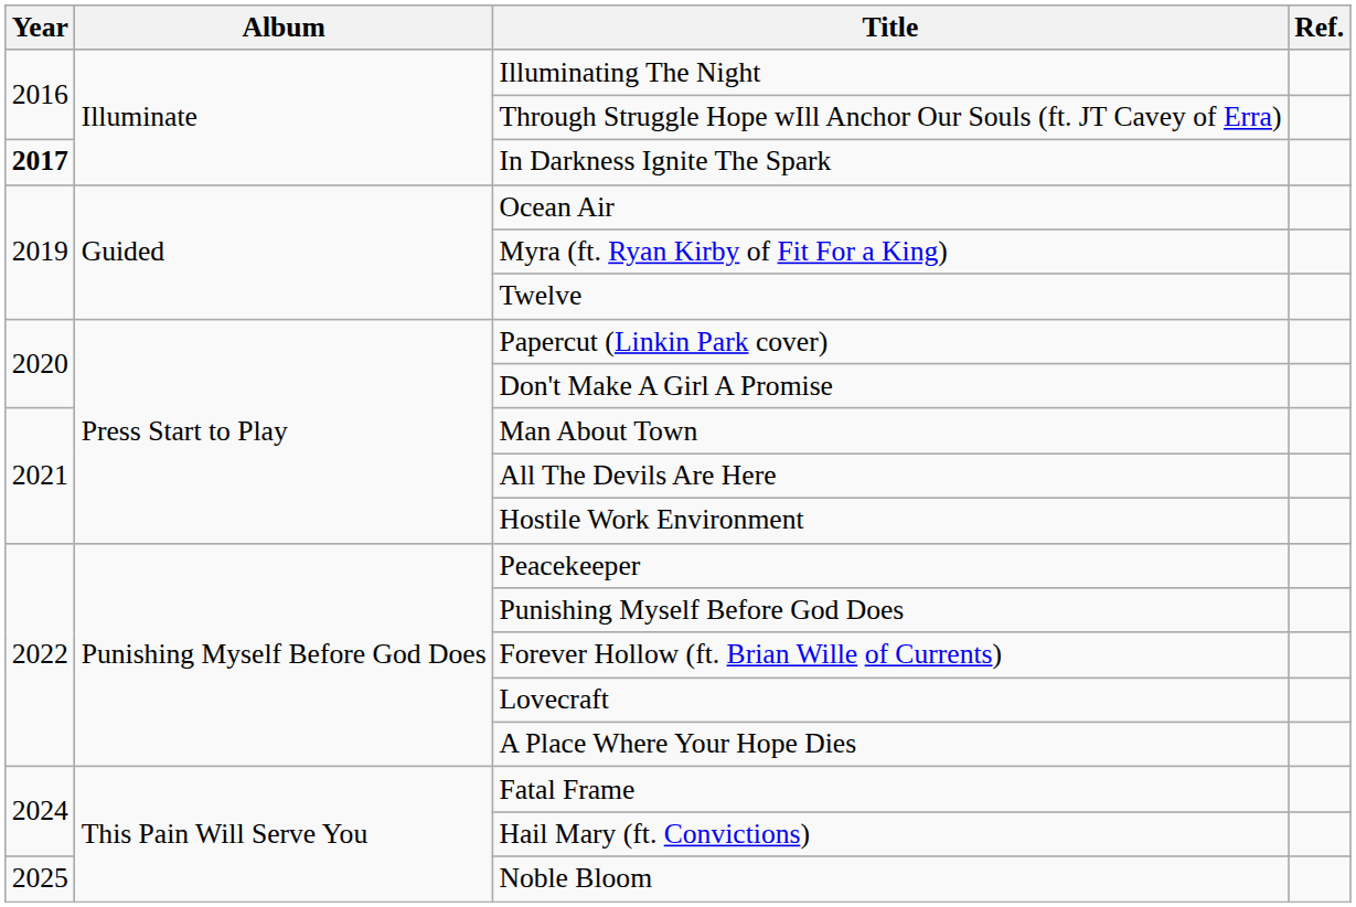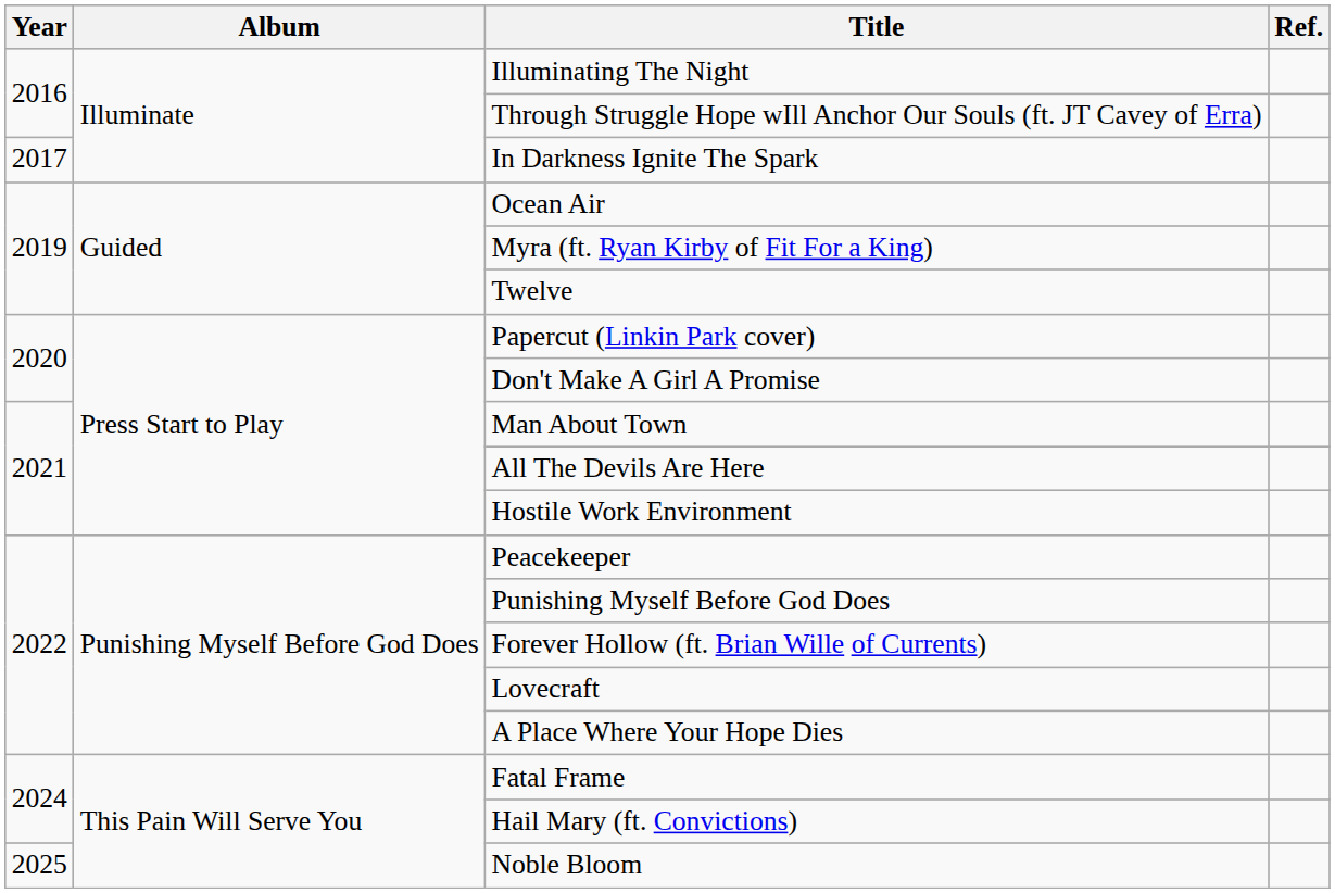 <table class="wikitable">
 <tr>
 <th>Year</th>
 <th>Album</th>
 <th>Title</th>
 <th>Ref.</th>
 </tr>
 <tr>
 <td rowspan="2">2016</td>
 <td rowspan="3">Illuminate</td>
 <td>Illuminating The Night</td>
 <td></td>
 </tr>
 <tr>
 <td>Through Struggle Hope wIll Anchor Our Souls (ft. JT Cavey of <a href='#'>Erra</a>)</td>
 <td></td>
 </tr>
 <tr>
-<td><strong>2017</strong></td>
+<td>2017</td>
 <td>In Darkness Ignite The Spark</td>
 <td></td>
 </tr>
 <tr>
 <td rowspan="3">2019</td>
 <td rowspan="3">Guided</td>
 <td>Ocean Air</td>
 <td></td>
 </tr>
 <tr>
 <td>Myra (ft. <a href='#'>Ryan Kirby</a> of <a href='#'>Fit For a King</a>)</td>
 <td></td>
 </tr>
 <tr>
 <td>Twelve</td>
 <td></td>
 </tr>
 <tr>
 <td rowspan="2">2020</td>
 <td rowspan="5">Press Start to Play</td>
 <td>Papercut (<a href='#'>Linkin Park</a> cover)</td>
 <td></td>
 </tr>
 <tr>
 <td>Don't Make A Girl A Promise</td>
 <td></td>
 </tr>
 <tr>
 <td rowspan="3">2021</td>
 <td>Man About Town</td>
 <td></td>
 </tr>
 <tr>
 <td>All The Devils Are Here</td>
 <td></td>
 </tr>
 <tr>
 <td>Hostile Work Environment</td>
 <td></td>
 </tr>
 <tr>
 <td rowspan="5">2022</td>
 <td rowspan="5">Punishing Myself Before God Does</td>
 <td>Peacekeeper</td>
 <td></td>
 </tr>
 <tr>
 <td>Punishing Myself Before God Does</td>
 <td></td>
 </tr>
 <tr>
 <td>Forever Hollow (ft. <a href='#'>Brian Wille</a> <a href='#'>of Currents</a>)</td>
 <td></td>
 </tr>
 <tr>
 <td>Lovecraft</td>
 <td></td>
 </tr>
 <tr>
 <td>A Place Where Your Hope Dies</td>
 <td></td>
 </tr>
 <tr>
 <td rowspan="2">2024</td>
 <td rowspan="3">This Pain Will Serve You</td>
 <td>Fatal Frame</td>
 <td></td>
 </tr>
 <tr>
 <td>Hail Mary (ft. <a href='#'>Convictions</a>)</td>
 <td></td>
 </tr>
 <tr>
 <td>2025</td>
 <td>Noble Bloom</td>
 <td></td>
 </tr>
 </table>
